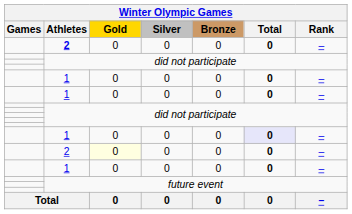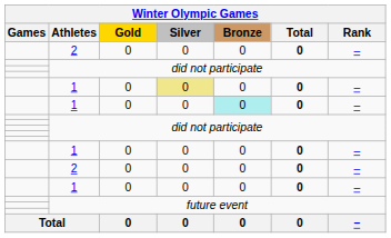 <table class="wikitable" style="text-align:center; font-size:90%;">
 <tr>
 <th colspan=9><a href='#'>Winter Olympic Games</a></th>
 </tr>
 <tr>
 <th>Games</th>
 <th>Athletes</th>
 <td style="background:gold; width:4.5em; font-weight:bold;">Gold</td>
 <td style="background:silver; width:4.5em; font-weight:bold;">Silver</td>
 <td style="background:#cc9966; width:4.5em; font-weight:bold;">Bronze</td>
 <th style="width:4.5em; font-weight:bold;">Total</th>
 <th style="width:4.5em; font-weight:bold;">Rank</th>
 </tr>
 <tr>
 <td align=left></td>
-<td><strong><a href='#'>2</a></strong></td>
+<td><a href='#'>2</a></td>
 <td>0</td>
 <td>0</td>
 <td>0</td>
 <td><strong>0</strong></td>
 <td><a href='#'>–</a></td>
 </tr>
 <tr>
 <td align=left></td>
 <td colspan=6 rowspan=3><em>did not participate</em></td>
 </tr>
 <tr>
 <td align=left></td>
 </tr>
 <tr>
 <td align=left></td>
 </tr>
 <tr>
 <td align=left></td>
 <td><a href='#'>1</a></td>
 <td>0</td>
-<td>0</td>
+<td style="background: khaki;">0</td>
 <td>0</td>
 <td><strong>0</strong></td>
 <td><a href='#'>–</a></td>
 </tr>
 <tr>
 <td align=left></td>
 <td><a href='#'>1</a></td>
 <td>0</td>
 <td>0</td>
-<td>0</td>
+<td style="background: paleturquoise;">0</td>
 <td><strong>0</strong></td>
 <td><a href='#'>–</a></td>
 </tr>
 <tr>
 <td align=left></td>
 <td colspan=6 rowspan=5><em>did not participate</em></td>
 </tr>
 <tr>
 <td align=left></td>
 </tr>
 <tr>
 <td align=left></td>
 </tr>
 <tr>
 <td align=left></td>
 </tr>
 <tr>
 <td align=left></td>
 </tr>
 <tr>
 <td align=left></td>
 <td><a href='#'>1</a></td>
 <td>0</td>
 <td>0</td>
 <td>0</td>
-<td style="background: lavender;"><strong>0</strong></td>
+<td><strong>0</strong></td>
 <td><a href='#'>–</a></td>
 </tr>
 <tr>
 <td align=left></td>
 <td><a href='#'>2</a></td>
-<td style="background: lightyellow;">0</td>
+<td>0</td>
 <td>0</td>
 <td>0</td>
 <td><strong>0</strong></td>
 <td><a href='#'>–</a></td>
 </tr>
 <tr>
 <td align=left></td>
 <td><a href='#'>1</a></td>
 <td>0</td>
 <td>0</td>
 <td>0</td>
 <td><strong>0</strong></td>
 <td><a href='#'>–</a></td>
 </tr>
 <tr>
 <td align=left></td>
 <td rowspan=3 colspan=6><em>future event</em></td>
 </tr>
 <tr>
 <td align=left></td>
 </tr>
 <tr>
 <td align=left></td>
 </tr>
 <tr>
 <th colspan=2>Total</th>
 <th>0</th>
 <th>0</th>
 <th>0</th>
 <th>0</th>
 <th><a href='#'>–</a></th>
 </tr>
 </table>
